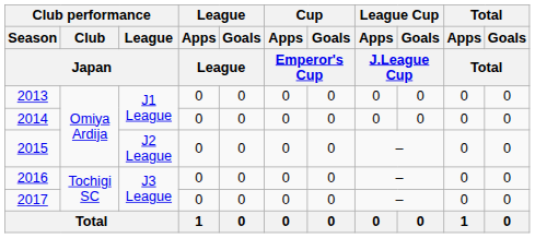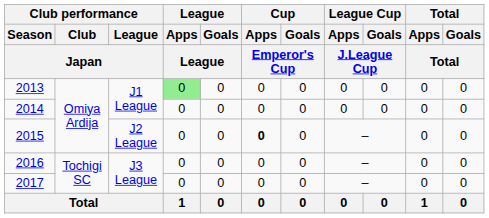 <table class="wikitable" style="text-align:center;">
 <tr>
 <th colspan=3>Club performance</th>
 <th colspan=2>League</th>
 <th colspan=2>Cup</th>
 <th colspan=2>League Cup</th>
 <th colspan=2>Total</th>
 </tr>
 <tr>
 <th>Season</th>
 <th>Club</th>
 <th>League</th>
 <th>Apps</th>
 <th>Goals</th>
 <th>Apps</th>
 <th>Goals</th>
 <th>Apps</th>
 <th>Goals</th>
 <th>Apps</th>
 <th>Goals</th>
 </tr>
 <tr>
 <th colspan=3>Japan</th>
 <th colspan=2>League</th>
 <th colspan=2><a href='#'>Emperor's Cup</a></th>
 <th colspan=2><a href='#'>J.League Cup</a></th>
 <th colspan=2>Total</th>
 </tr>
 <tr>
 <td><a href='#'>2013</a></td>
 <td rowspan="3"><a href='#'>Omiya Ardija</a></td>
 <td rowspan="2"><a href='#'>J1 League</a></td>
-<td>0</td>
+<td style="background: lightgreen;">0</td>
 <td>0</td>
 <td>0</td>
 <td>0</td>
 <td>0</td>
 <td>0</td>
 <td>0</td>
 <td>0</td>
 </tr>
 <tr>
 <td><a href='#'>2014</a></td>
 <td>0</td>
 <td>0</td>
 <td>0</td>
 <td>0</td>
 <td>0</td>
 <td>0</td>
 <td>0</td>
 <td>0</td>
 </tr>
 <tr>
 <td><a href='#'>2015</a></td>
 <td><a href='#'>J2 League</a></td>
 <td>0</td>
 <td>0</td>
-<td>0</td>
+<td><strong>0</strong></td>
 <td>0</td>
 <td colspan="2">–</td>
 <td>0</td>
 <td>0</td>
 </tr>
 <tr>
 <td><a href='#'>2016</a></td>
 <td rowspan="2"><a href='#'>Tochigi SC</a></td>
 <td rowspan="2"><a href='#'>J3 League</a></td>
 <td>0</td>
 <td>0</td>
 <td>0</td>
 <td>0</td>
 <td colspan="2">–</td>
 <td>0</td>
 <td>0</td>
 </tr>
 <tr>
 <td><a href='#'>2017</a></td>
 <td>0</td>
 <td>0</td>
 <td>0</td>
 <td>0</td>
 <td colspan="2">–</td>
 <td>0</td>
 <td>0</td>
 </tr>
 <tr>
 <th colspan=3>Total</th>
 <th>1</th>
 <th>0</th>
 <th>0</th>
 <th>0</th>
 <th>0</th>
 <th>0</th>
 <th>1</th>
 <th>0</th>
 </tr>
 </table>
